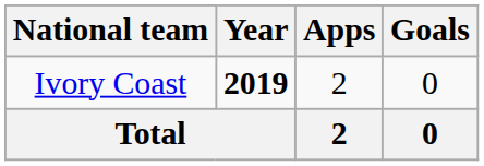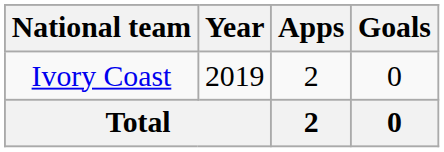 <table class="wikitable" style="text-align:center">
 <tr>
 <th>National team</th>
 <th>Year</th>
 <th>Apps</th>
 <th>Goals</th>
 </tr>
 <tr>
 <td rowspan="1"><a href='#'>Ivory Coast</a></td>
-<td><strong>2019</strong></td>
+<td>2019</td>
 <td>2</td>
 <td>0</td>
 </tr>
 <tr>
 <th colspan=2>Total</th>
 <th>2</th>
 <th>0</th>
 </tr>
 </table>
